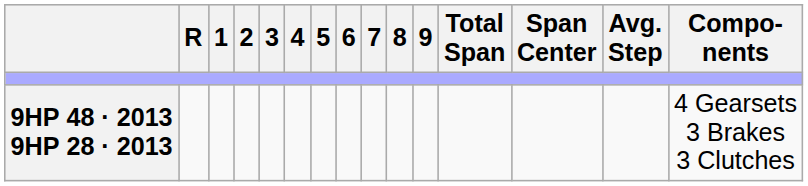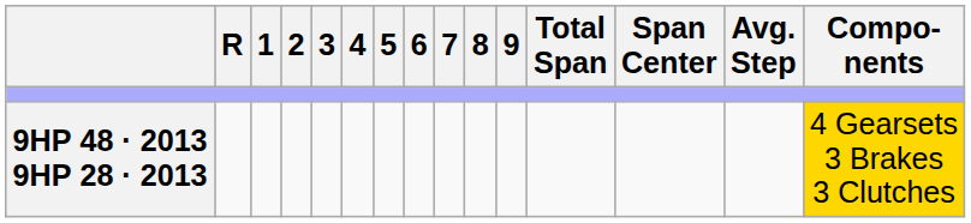 <table class="wikitable collapsible" style="text-align:center">
 <tr>
 <th></th>
 <th>R</th>
 <th>1</th>
 <th>2</th>
 <th>3</th>
 <th>4</th>
 <th>5</th>
 <th>6</th>
 <th>7</th>
 <th>8</th>
 <th>9</th>
 <th>Total<br>Span</th>
 <th>Span<br>Center</th>
 <th>Avg.<br>Step</th>
 <th>Compo-<br>nents</th>
 </tr>
 <tr>
 <td colspan=15 style="background:#AAF;"></td>
 </tr>
 <tr>
 <th>9HP 48 · 2013<br>9HP 28 · 2013</th>
 <td></td>
 <td></td>
 <td></td>
 <td></td>
 <td></td>
 <td></td>
 <td></td>
 <td></td>
 <td></td>
 <td></td>
 <td></td>
 <td></td>
 <td></td>
-<td>4 Gearsets<br>3 Brakes<br>3 Clutches</td>
+<td style="background: gold;">4 Gearsets<br>3 Brakes<br>3 Clutches</td>
 </tr>
 </table>
